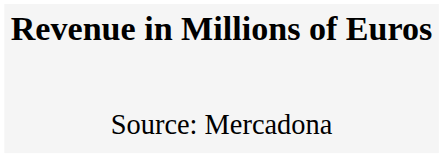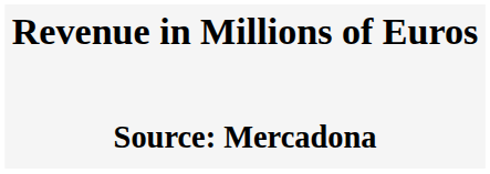 <table style="background:WhiteSmoke; text-align:center" align="center">
 <tr>
 <th><strong>Revenue in Millions of Euros</strong></th>
 </tr>
 <tr>
 <td><br></td>
 </tr>
 <tr>
-<td><small>Source: Mercadona</small></td>
+<td><strong><small>Source: Mercadona</small></strong></td>
 </tr>
 <tr>
 </tr>
 </table>
